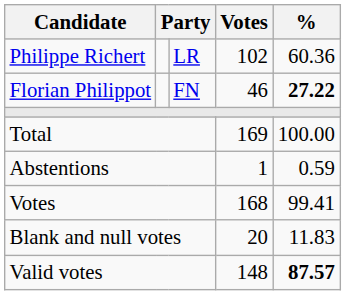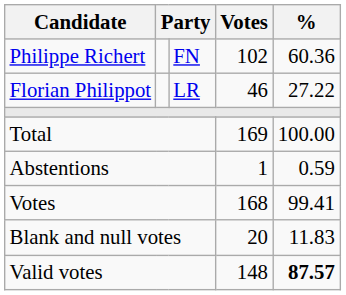 <table class="wikitable" style="font-size:95%;text-align:right;">
 <tr>
 <th>Candidate</th>
 <th colspan="2">Party</th>
 <th>Votes</th>
 <th>%</th>
 </tr>
 <tr>
 <td style="text-align:left;"><a href='#'>Philippe Richert</a></td>
 <td style="background:"></td>
-<td style="text-align:left;"><a href='#'>LR</a></td>
+<td style="text-align:left;"><a href='#'>FN</a></td>
 <td>102</td>
 <td>60.36</td>
 </tr>
 <tr>
 <td style="text-align:left;"><a href='#'>Florian Philippot</a></td>
 <td style="background:"></td>
-<td style="text-align:left;"><a href='#'>FN</a></td>
+<td style="text-align:left;"><a href='#'>LR</a></td>
 <td>46</td>
-<td><strong>27.22</strong></td>
+<td>27.22</td>
 </tr>
 <tr>
 <td style="background-color:#E9E9E9;" colspan="5"></td>
 </tr>
 <tr>
 <td style="text-align:left;" colspan="3">Total</td>
 <td>169</td>
 <td>100.00</td>
 </tr>
 <tr>
 <td style="text-align:left;" colspan="3">Abstentions</td>
 <td>1</td>
 <td>0.59</td>
 </tr>
 <tr>
 <td style="text-align:left;" colspan="3">Votes</td>
 <td>168</td>
 <td>99.41</td>
 </tr>
 <tr>
 <td style="text-align:left;" colspan="3">Blank and null votes</td>
 <td>20</td>
 <td>11.83</td>
 </tr>
 <tr>
 <td style="text-align:left;" colspan="3">Valid votes</td>
 <td>148</td>
 <td><strong>87.57</strong></td>
 </tr>
 </table>
